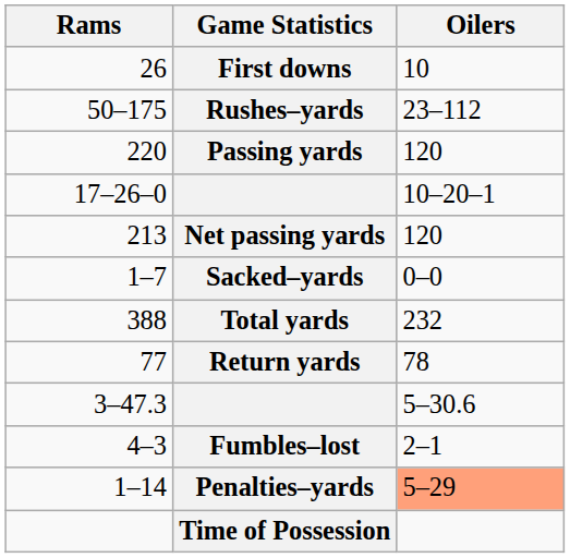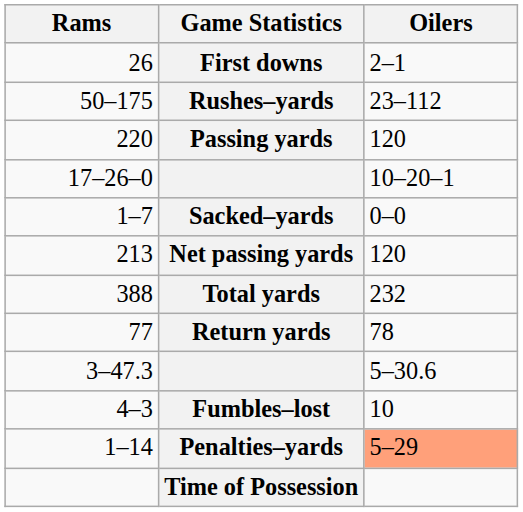 <table class="wikitable" style="margin: 1em auto 1em auto">
 <tr>
 <th style="width:30%;">Rams</th>
 <th style="width:40%;">Game Statistics</th>
 <th style="width:30%;">Oilers</th>
 </tr>
 <tr>
 <td style="text-align:right;">26</td>
 <th>First downs</th>
-<td>10</td>
+<td>2–1</td>
 </tr>
 <tr>
 <td style="text-align:right;">50–175</td>
 <th>Rushes–yards</th>
 <td>23–112</td>
 </tr>
 <tr>
 <td style="text-align:right;">220</td>
 <th>Passing yards</th>
 <td>120</td>
 </tr>
 <tr>
 <td style="text-align:right;">17–26–0</td>
 <th></th>
 <td>10–20–1</td>
 </tr>
 <tr>
+<td style="text-align:right;">1–7</td>
+<th>Sacked–yards</th>
+<td>0–0</td>
+</tr>
+<tr>
 <td style="text-align:right;">213</td>
 <th>Net passing yards</th>
 <td>120</td>
-</tr>
-<tr>
-<td style="text-align:right;">1–7</td>
-<th>Sacked–yards</th>
-<td>0–0</td>
 </tr>
 <tr>
 <td style="text-align:right;">388</td>
 <th>Total yards</th>
 <td>232</td>
 </tr>
 <tr>
 <td style="text-align:right;">77</td>
 <th>Return yards</th>
 <td>78</td>
 </tr>
 <tr>
 <td style="text-align:right;">3–47.3</td>
 <th></th>
 <td>5–30.6</td>
 </tr>
 <tr>
 <td style="text-align:right;">4–3</td>
 <th>Fumbles–lost</th>
-<td>2–1</td>
+<td>10</td>
 </tr>
 <tr>
 <td style="text-align:right;">1–14</td>
 <th>Penalties–yards</th>
 <td style="background: lightsalmon;">5–29</td>
 </tr>
 <tr>
 <td style="text-align:right;"></td>
 <th>Time of Possession</th>
 <td></td>
 </tr>
 </table>
